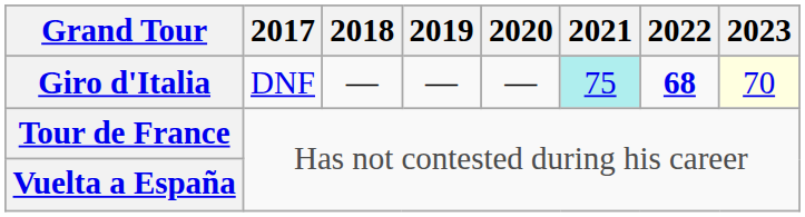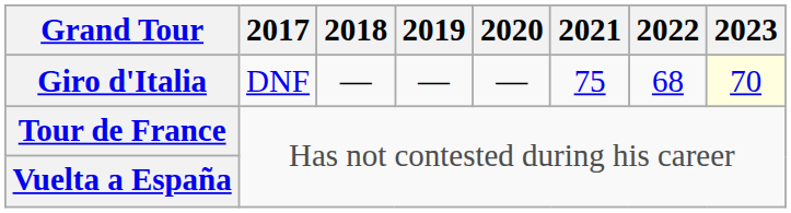 <table class="wikitable plainrowheaders">
 <tr>
 <th scope="col"><a href='#'>Grand Tour</a></th>
 <th scope="col">2017</th>
 <th scope="col">2018</th>
 <th scope="col">2019</th>
 <th scope="col">2020</th>
 <th scope="col">2021</th>
 <th scope="col">2022</th>
 <th scope="col">2023</th>
 </tr>
 <tr style="text-align:center;">
 <th scope="row"> <a href='#'>Giro d'Italia</a></th>
 <td><a href='#'>DNF</a></td>
 <td>—</td>
 <td>—</td>
 <td>—</td>
-<td style="background: paleturquoise;"><a href='#'>75</a></td>
-<td><strong><a href='#'>68</a></strong></td>
+<td><a href='#'>75</a></td>
+<td><a href='#'>68</a></td>
 <td style="background: lightyellow;"><a href='#'>70</a></td>
 </tr>
 <tr style="text-align:center;">
 <th scope="row"> <a href='#'>Tour de France</a></th>
 <td style="color:#4d4d4d;" colspan=7 rowspan=2>Has not contested during his career</td>
 </tr>
 <tr style="text-align:center;">
 <th scope="row"> <a href='#'>Vuelta a España</a></th>
 </tr>
 </table>
